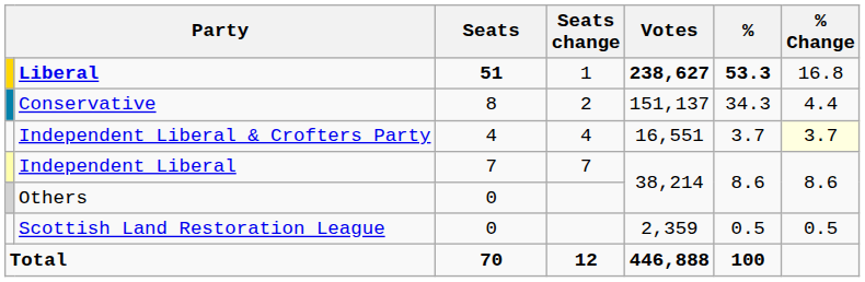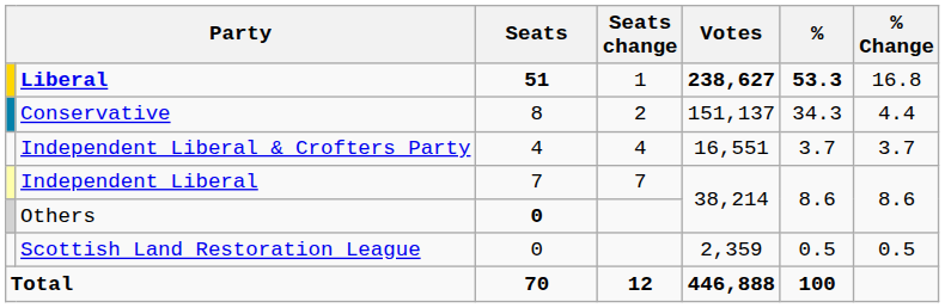 <table class="wikitable sortable">
 <tr>
 <th style="width:100px" colspan=2>Party</th>
 <th style="width:70px;">Seats</th>
 <th style="width:40px;">Seats change</th>
 <th style="width:40px;">Votes</th>
 <th style="width:40px;">%</th>
 <th style="width:40px;">% Change</th>
 </tr>
 <tr>
 <td bgcolor="#FFD700"></td>
 <td><strong><a href='#'>Liberal</a></strong></td>
 <td align=center><strong>51</strong></td>
 <td align=center> 1</td>
 <td align=center><strong>238,627</strong></td>
 <td align=center><strong>53.3</strong></td>
 <td align=center> 16.8</td>
 </tr>
 <tr>
 <td bgcolor="#0281AA"></td>
 <td><a href='#'>Conservative</a></td>
 <td align=center>8</td>
 <td align=center> 2</td>
 <td align=center>151,137</td>
 <td align=center>34.3</td>
 <td align=center> 4.4</td>
 </tr>
 <tr>
 <td bgcolor=></td>
 <td><a href='#'>Independent Liberal & Crofters Party</a></td>
 <td align=center>4</td>
 <td align=center> 4</td>
 <td align=center>16,551</td>
 <td align=center>3.7</td>
-<td align=center style="background: lightyellow;"> 3.7</td>
+<td align=center> 3.7</td>
 </tr>
 <tr>
 <td bgcolor=#FFFFAA></td>
 <td><a href='#'>Independent Liberal</a></td>
 <td align=center>7</td>
 <td align=center> 7</td>
 <td align=center rowspan=2>38,214</td>
 <td align=center rowspan=2>8.6</td>
 <td align=center rowspan=2> 8.6</td>
 </tr>
 <tr>
 <td bgcolor="#D3D3D3"></td>
 <td>Others</td>
-<td align=center>0</td>
+<td align=center><strong>0</strong></td>
 <td align=center></td>
 </tr>
 <tr>
 <td bgcolor=""></td>
 <td><a href='#'>Scottish Land Restoration League</a></td>
 <td align=center>0</td>
 <td align=center></td>
 <td align=center>2,359</td>
 <td align=center>0.5</td>
 <td align=center> 0.5</td>
 </tr>
 <tr>
 <td colspan=2><strong>Total</strong></td>
 <td align=center><strong>70</strong></td>
 <td align=center><strong> 12</strong></td>
 <td align=center><strong>446,888</strong></td>
 <td align=center><strong>100</strong></td>
 <td align=center></td>
 </tr>
 </table>
